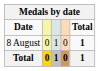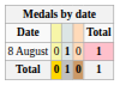 <table class="wikitable" style="font-size:85%">
 <tr bgcolor="#efefef">
 <th colspan=6>Medals by date</th>
 </tr>
 <tr align=center>
 <td><strong>Date</strong></td>
 <td bgcolor=#f7f6a8></td>
 <td bgcolor=#dce5e5></td>
 <td bgcolor=#ffdab9></td>
 <td><strong>Total</strong></td>
 </tr>
 <tr align=center>
 <td>8 August</td>
 <td style="background:#F7F6A8;">0</td>
-<td style="background:#DCE5E5;">1</td>
+<td style="background:#DCE5E5;"><strong>1</strong></td>
 <td style="background:#FFDAB9;">0</td>
-<td><strong>1</strong></td>
+<td style="background: pink;"><strong>1</strong></td>
 </tr>
 <tr align=center>
 <th><strong>Total</strong></th>
 <th style="background:gold;"><strong>0</strong></th>
 <th style="background:silver;"><strong>1</strong></th>
 <th style="background:#c96;"><strong>0</strong></th>
 <th>1</th>
 </tr>
 </table>
